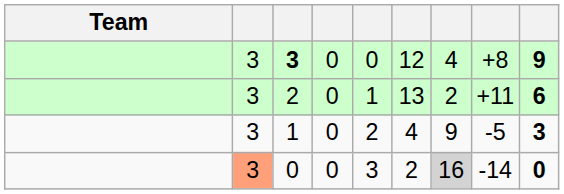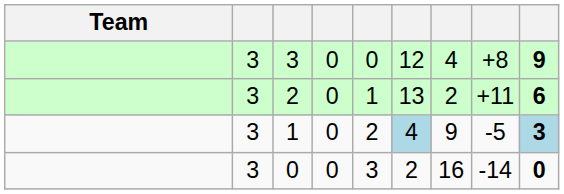 <table class="wikitable" style="text-align:center;">
 <tr>
 <th width=150>Team</th>
 <th width=20></th>
 <th width=20></th>
 <th width=20></th>
 <th width=20></th>
 <th width=20></th>
 <th width=20></th>
 <th width=20></th>
 <th width=20></th>
 </tr>
 <tr bgcolor="#ccffcc">
 <td align=left></td>
 <td>3</td>
-<td><strong>3</strong></td>
+<td>3</td>
 <td>0</td>
 <td>0</td>
 <td>12</td>
 <td>4</td>
 <td>+8</td>
 <td><strong>9</strong></td>
 </tr>
 <tr bgcolor="#ccffcc">
 <td align=left></td>
 <td>3</td>
 <td>2</td>
 <td>0</td>
 <td>1</td>
 <td>13</td>
 <td>2</td>
 <td>+11</td>
 <td><strong>6</strong></td>
 </tr>
 <tr>
 <td align=left></td>
 <td>3</td>
 <td>1</td>
 <td>0</td>
 <td>2</td>
-<td>4</td>
+<td style="background: lightblue;">4</td>
 <td>9</td>
 <td>-5</td>
-<td><strong>3</strong></td>
+<td style="background: lightblue;"><strong>3</strong></td>
 </tr>
 <tr>
 <td align=left></td>
-<td style="background: lightsalmon;">3</td>
+<td>3</td>
 <td>0</td>
 <td>0</td>
 <td>3</td>
 <td>2</td>
-<td style="background: lightgrey;">16</td>
+<td>16</td>
 <td>-14</td>
 <td><strong>0</strong></td>
 </tr>
 </table>
